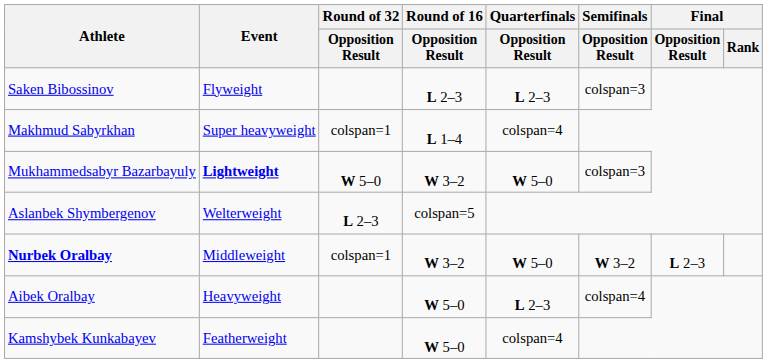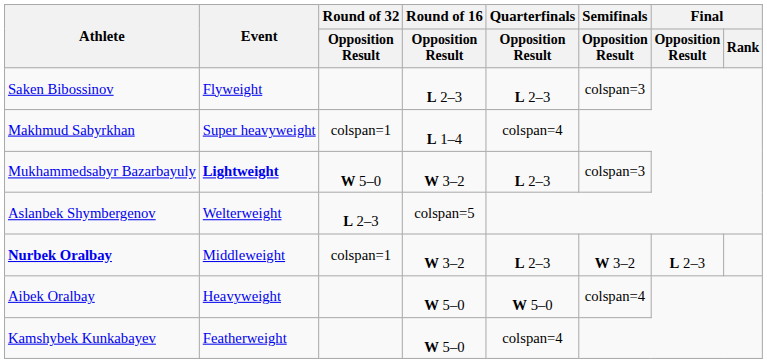 <table class="wikitable" style="font-size:90%">
 <tr>
 <th rowspan="2">Athlete</th>
 <th rowspan="2">Event</th>
 <th>Round of 32</th>
 <th>Round of 16</th>
 <th>Quarterfinals</th>
 <th>Semifinals</th>
 <th colspan=2>Final</th>
 </tr>
 <tr style="font-size:95%">
 <th>Opposition<br>Result</th>
 <th>Opposition<br>Result</th>
 <th>Opposition<br>Result</th>
 <th>Opposition<br>Result</th>
 <th>Opposition<br>Result</th>
 <th>Rank</th>
 </tr>
 <tr align=center>
 <td align=left><a href='#'>Saken Bibossinov</a></td>
 <td align=left><a href='#'>Flyweight</a></td>
 <td></td>
 <td><br> <strong>L</strong> 2–3</td>
 <td> <br> <strong>L</strong> 2–3</td>
 <td>colspan=3 </td>
 </tr>
 <tr align=center>
 <td align=left><a href='#'>Makhmud Sabyrkhan</a></td>
 <td align=left><a href='#'>Super heavyweight</a></td>
 <td>colspan=1 </td>
 <td><br><strong>L</strong> 1–4</td>
 <td>colspan=4 </td>
 </tr>
 <tr align=center>
 <td align=left><a href='#'>Mukhammedsabyr Bazarbayuly</a></td>
 <td align=left><strong><a href='#'>Lightweight</a></strong></td>
 <td><br><strong>W</strong> 5–0</td>
 <td><br> <strong>W</strong> 3–2</td>
-<td><br> <strong>W</strong> 5–0</td>
+<td><br> <strong>L</strong> 2–3</td>
 <td>colspan=3 </td>
 </tr>
 <tr align=center>
 <td align=left><a href='#'>Aslanbek Shymbergenov</a></td>
 <td align=left><a href='#'>Welterweight</a></td>
 <td><br> <strong>L</strong> 2–3</td>
 <td>colspan=5 </td>
 </tr>
 <tr align=center>
 <td align=left><strong><a href='#'>Nurbek Oralbay</a></strong></td>
 <td align=left><a href='#'>Middleweight</a></td>
 <td>colspan=1 </td>
 <td><br><strong>W</strong> 3–2</td>
-<td><br> <strong>W</strong> 5–0</td>
+<td> <br> <strong>L</strong> 2–3</td>
 <td><br> <strong>W</strong> 3–2</td>
 <td><br> <strong>L</strong> 2–3</td>
 <td></td>
 </tr>
 <tr align=center>
 <td align=left><a href='#'>Aibek Oralbay</a></td>
 <td align=left><a href='#'>Heavyweight</a></td>
 <td></td>
 <td><br> <strong>W</strong> 5–0</td>
-<td><br> <strong>L</strong> 2–3</td>
+<td><br> <strong>W</strong> 5–0</td>
 <td>colspan=4 </td>
 </tr>
 <tr align=center>
 <td align=left><a href='#'>Kamshybek Kunkabayev</a></td>
 <td align=left><a href='#'>Featherweight</a></td>
 <td></td>
 <td> <br> <strong>W</strong> 5–0</td>
 <td>colspan=4 </td>
 </tr>
 </table>
